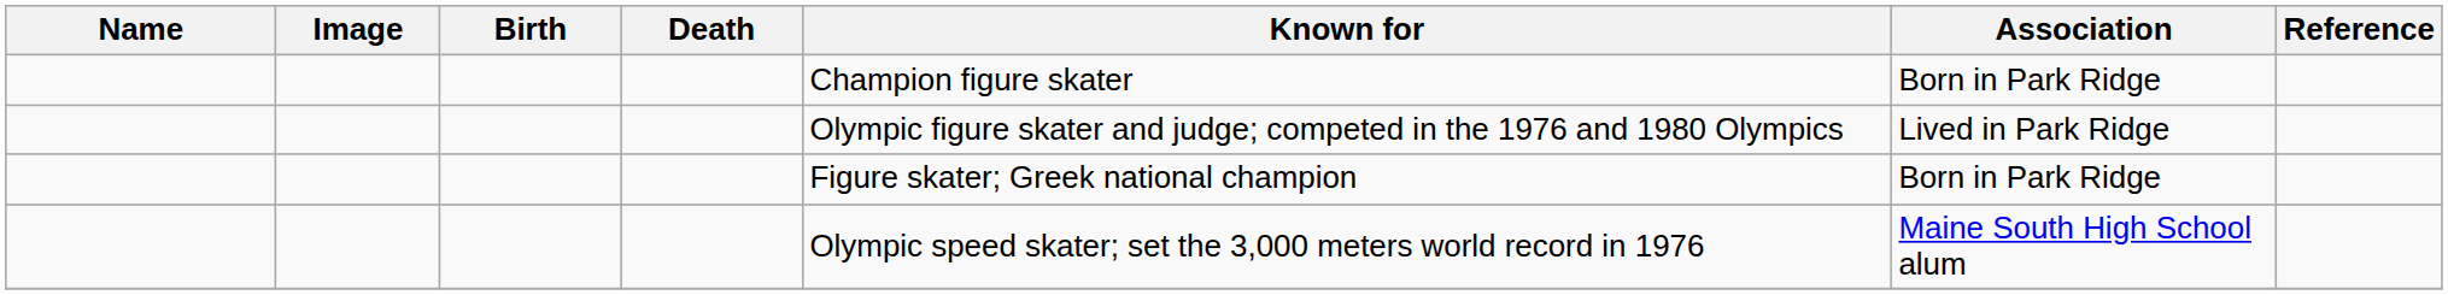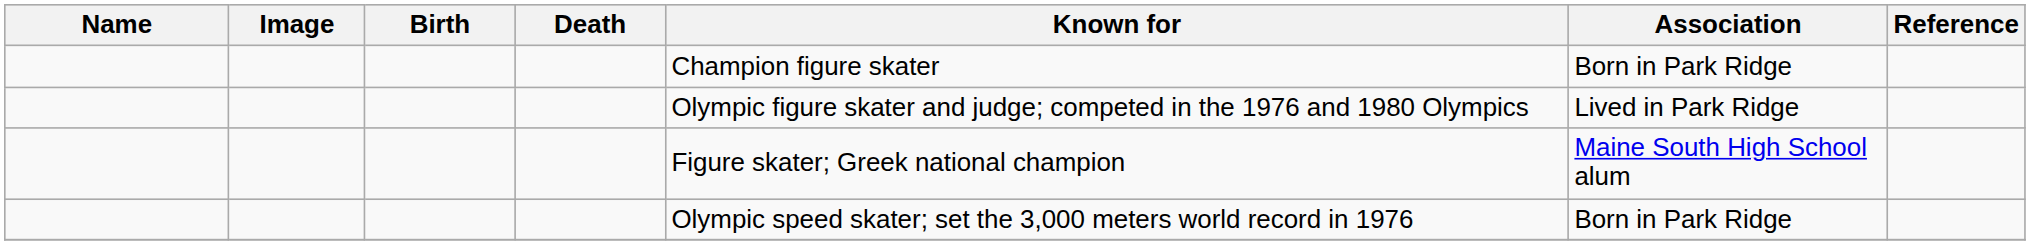 <table class="wikitable sortable">
 <tr>
 <th scope="col" width="140">Name</th>
 <th scope="col" width="80" class="unsortable">Image</th>
 <th scope="col" width="90">Birth</th>
 <th scope="col" width="90">Death</th>
 <th scope="col" width="600" class="unsortable">Known for</th>
 <th scope="col" width="200" class="unsortable">Association</th>
 <th scope="col" width="30" class="unsortable">Reference</th>
 </tr>
 <tr>
 <td></td>
 <td></td>
 <td align=right></td>
 <td></td>
 <td>Champion figure skater</td>
 <td>Born in Park Ridge</td>
 <td align="center"></td>
 </tr>
 <tr>
 <td></td>
 <td></td>
 <td align=right></td>
 <td></td>
 <td>Olympic figure skater and judge; competed in the 1976 and 1980 Olympics</td>
 <td>Lived in Park Ridge</td>
 <td align="center"></td>
 </tr>
 <tr>
 <td></td>
 <td></td>
 <td align=right></td>
 <td></td>
 <td>Figure skater; Greek national champion</td>
-<td>Born in Park Ridge</td>
+<td><a href='#'>Maine South High School</a> alum</td>
 <td align="center"></td>
 </tr>
 <tr>
 <td></td>
 <td></td>
 <td align=right></td>
 <td></td>
 <td>Olympic speed skater; set the 3,000 meters world record in 1976</td>
-<td><a href='#'>Maine South High School</a> alum</td>
+<td>Born in Park Ridge</td>
 <td align="center"></td>
 </tr>
 <tr>
 </tr>
 </table>
